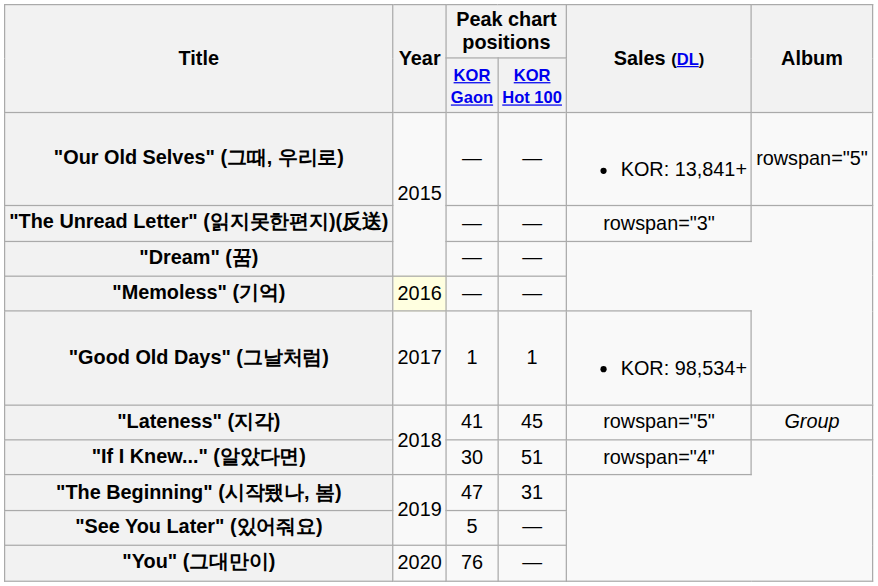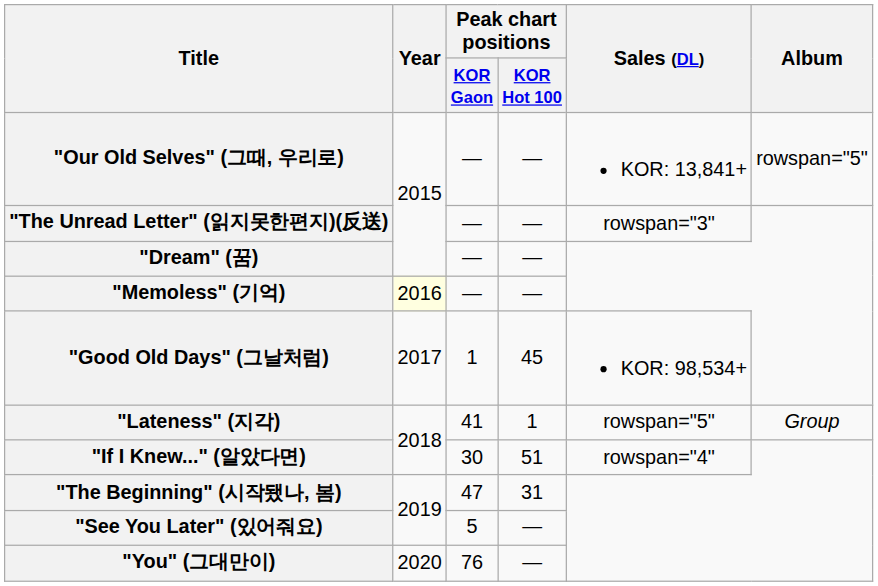 <table class="wikitable plainrowheaders" style="text-align:center;">
 <tr>
 <th scope="col" rowspan="2">Title</th>
 <th scope="col" rowspan="2">Year</th>
 <th scope="col" colspan="2" style="width:5em;">Peak chart positions</th>
 <th scope="col" rowspan="2">Sales <small>(<a href='#'>DL</a>)</small></th>
 <th scope="col" rowspan="2">Album</th>
 </tr>
 <tr>
 <th><small><a href='#'>KOR<br>Gaon</a></small><br></th>
 <th><small><a href='#'>KOR<br>Hot 100</a></small><br></th>
 </tr>
 <tr>
 <th scope="row">"Our Old Selves" (그때, 우리로)</th>
 <td rowspan="3">2015</td>
 <td>—</td>
 <td>—</td>
 <td><br><ul><li>KOR: 13,841+</li></ul></td>
 <td>rowspan="5" </td>
 </tr>
 <tr>
 <th scope="row">"The Unread Letter" (읽지못한편지)(反送)</th>
 <td>—</td>
 <td>—</td>
 <td>rowspan="3" </td>
 </tr>
 <tr>
 <th scope="row">"Dream" (꿈)</th>
 <td>—</td>
 <td>—</td>
 </tr>
 <tr>
 <th scope="row">"Memoless" (기억)</th>
 <td style="background: lightyellow;">2016</td>
 <td>—</td>
 <td>—</td>
 </tr>
 <tr>
 <th scope="row">"Good Old Days" (그날처럼)</th>
 <td>2017</td>
 <td>1</td>
-<td>1</td>
+<td>45</td>
 <td><br><ul><li>KOR: 98,534+</li></ul></td>
 </tr>
 <tr>
 <th scope="row">"Lateness" (지각)</th>
 <td rowspan="2">2018</td>
 <td>41</td>
-<td>45</td>
+<td>1</td>
 <td>rowspan="5" </td>
 <td><em>Group</em></td>
 </tr>
 <tr>
 <th scope="row">"If I Knew..." (알았다면)</th>
 <td>30</td>
 <td>51</td>
 <td>rowspan="4" </td>
 </tr>
 <tr>
 <th scope="row">"The Beginning" (시작됐나, 봄)</th>
 <td rowspan="2">2019</td>
 <td>47</td>
 <td>31</td>
 </tr>
 <tr>
 <th scope="row">"See You Later" (있어줘요)</th>
 <td>5</td>
 <td>—</td>
 </tr>
 <tr>
 <th scope="row">"You" (그대만이)</th>
 <td rowspan="1">2020</td>
 <td>76</td>
 <td>—</td>
 </tr>
 </table>
